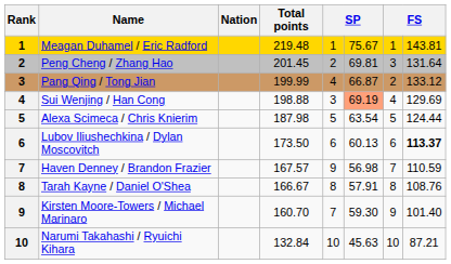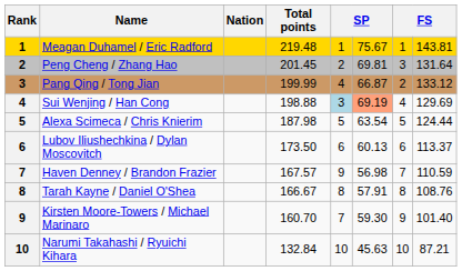 <table class="wikitable sortable">
 <tr>
 <th>Rank</th>
 <th>Name</th>
 <th>Nation</th>
 <th>Total points</th>
 <th colspan="2" width="80px"><a href='#'>SP</a></th>
 <th colspan="2" width="80px"><a href='#'>FS</a></th>
 </tr>
 <tr bgcolor="gold">
 <td align="center"><strong>1</strong></td>
 <td><a href='#'>Meagan Duhamel</a> / <a href='#'>Eric Radford</a></td>
 <td></td>
 <td align="center">219.48</td>
 <td align="center">1</td>
 <td align="center">75.67</td>
 <td align="center">1</td>
 <td align="center">143.81</td>
 </tr>
 <tr bgcolor="silver">
 <td align="center"><strong>2</strong></td>
 <td><a href='#'>Peng Cheng</a> / <a href='#'>Zhang Hao</a></td>
 <td></td>
 <td align="center">201.45</td>
 <td align="center">2</td>
 <td align="center">69.81</td>
 <td align="center">3</td>
 <td align="center">131.64</td>
 </tr>
 <tr bgcolor="#cc9966">
 <td align="center"><strong>3</strong></td>
 <td><a href='#'>Pang Qing</a> / <a href='#'>Tong Jian</a></td>
 <td></td>
 <td align="center">199.99</td>
 <td align="center">4</td>
 <td align="center">66.87</td>
 <td align="center">2</td>
 <td align="center">133.12</td>
 </tr>
 <tr>
 <th>4</th>
 <td><a href='#'>Sui Wenjing</a> / <a href='#'>Han Cong</a></td>
 <td></td>
 <td align="center">198.88</td>
-<td align="center">3</td>
+<td align="center" style="background: lightblue;">3</td>
 <td align="center" style="background: lightsalmon;">69.19</td>
 <td align="center">4</td>
 <td align="center">129.69</td>
 </tr>
 <tr>
 <th>5</th>
 <td><a href='#'>Alexa Scimeca</a> / <a href='#'>Chris Knierim</a></td>
 <td></td>
 <td align="center">187.98</td>
 <td align="center">5</td>
 <td align="center">63.54</td>
 <td align="center">5</td>
 <td align="center">124.44</td>
 </tr>
 <tr>
 <th>6</th>
 <td><a href='#'>Lubov Iliushechkina</a> / <a href='#'>Dylan Moscovitch</a></td>
 <td></td>
 <td align="center">173.50</td>
 <td align="center">6</td>
 <td align="center">60.13</td>
 <td align="center">6</td>
-<td align="center"><strong>113.37</strong></td>
+<td align="center">113.37</td>
 </tr>
 <tr>
 <th>7</th>
 <td><a href='#'>Haven Denney</a> / <a href='#'>Brandon Frazier</a></td>
 <td></td>
 <td align="center">167.57</td>
 <td align="center">9</td>
 <td align="center">56.98</td>
 <td align="center">7</td>
 <td align="center">110.59</td>
 </tr>
 <tr>
 <th>8</th>
 <td><a href='#'>Tarah Kayne</a> / <a href='#'>Daniel O'Shea</a></td>
 <td></td>
 <td align="center">166.67</td>
 <td align="center">8</td>
 <td align="center">57.91</td>
 <td align="center">8</td>
 <td align="center">108.76</td>
 </tr>
 <tr>
 <th>9</th>
 <td><a href='#'>Kirsten Moore-Towers</a> / <a href='#'>Michael Marinaro</a></td>
 <td></td>
 <td align="center">160.70</td>
 <td align="center">7</td>
 <td align="center">59.30</td>
 <td align="center">9</td>
 <td align="center">101.40</td>
 </tr>
 <tr>
 <th>10</th>
 <td><a href='#'>Narumi Takahashi</a> / <a href='#'>Ryuichi Kihara</a></td>
 <td></td>
 <td align="center">132.84</td>
 <td align="center">10</td>
 <td align="center">45.63</td>
 <td align="center">10</td>
 <td align="center">87.21</td>
 </tr>
 </table>
